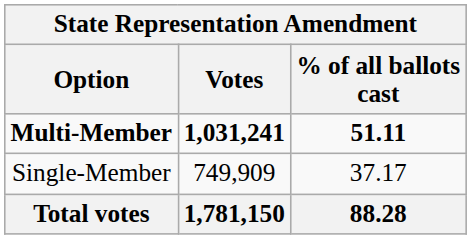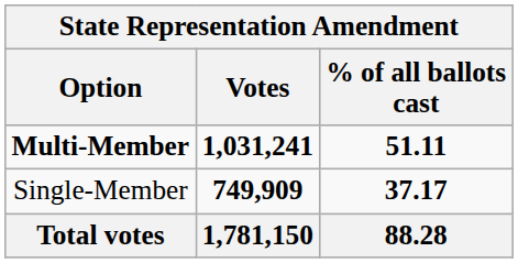 <table class="wikitable">
 <tr>
 <th colspan=4 text align=center>State Representation Amendment</th>
 </tr>
 <tr>
 <th>Option</th>
 <th>Votes</th>
 <th>% of all ballots<br>cast</th>
 </tr>
 <tr>
 <td text align=center><strong>Multi-Member</strong></td>
 <td text align=center><strong>1,031,241</strong></td>
 <td text align=center><strong>51.11</strong></td>
 </tr>
 <tr>
 <td text align=center>Single-Member</td>
-<td text align=center>749,909</td>
-<td text align=center>37.17</td>
+<td text align=center><strong>749,909</strong></td>
+<td text align=center><strong>37.17</strong></td>
 </tr>
 <tr>
 <th text align=center>Total votes</th>
 <th text align=center><strong>1,781,150</strong></th>
 <th text align=center><strong>88.28</strong></th>
 </tr>
 </table>
